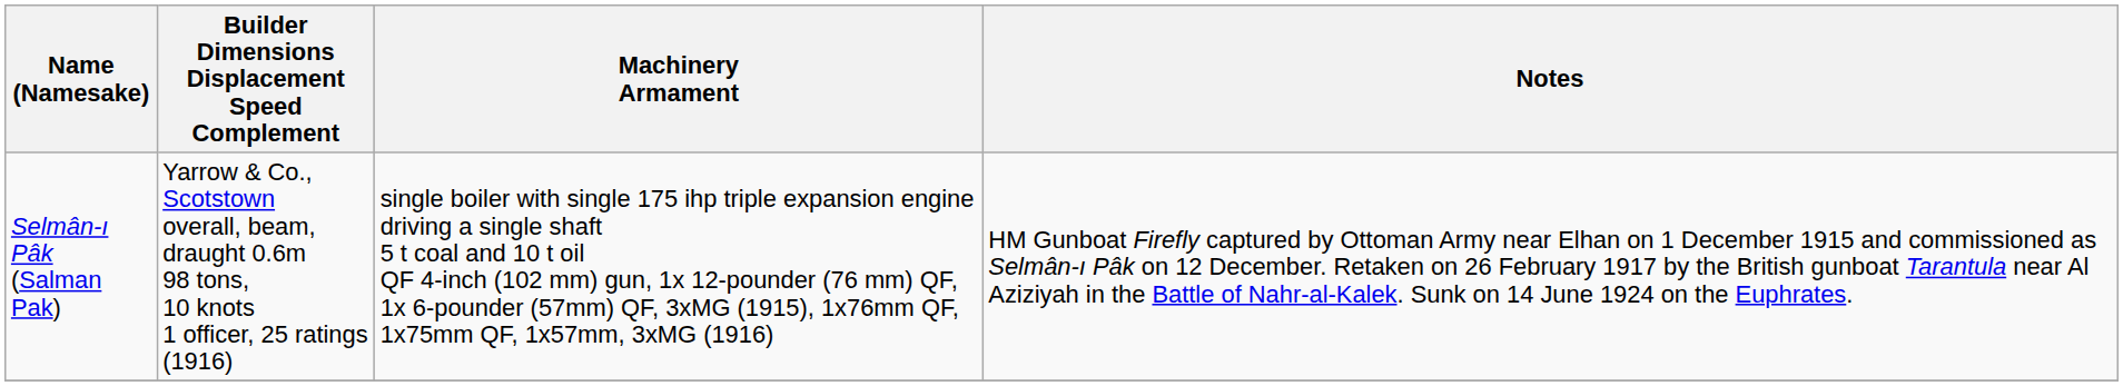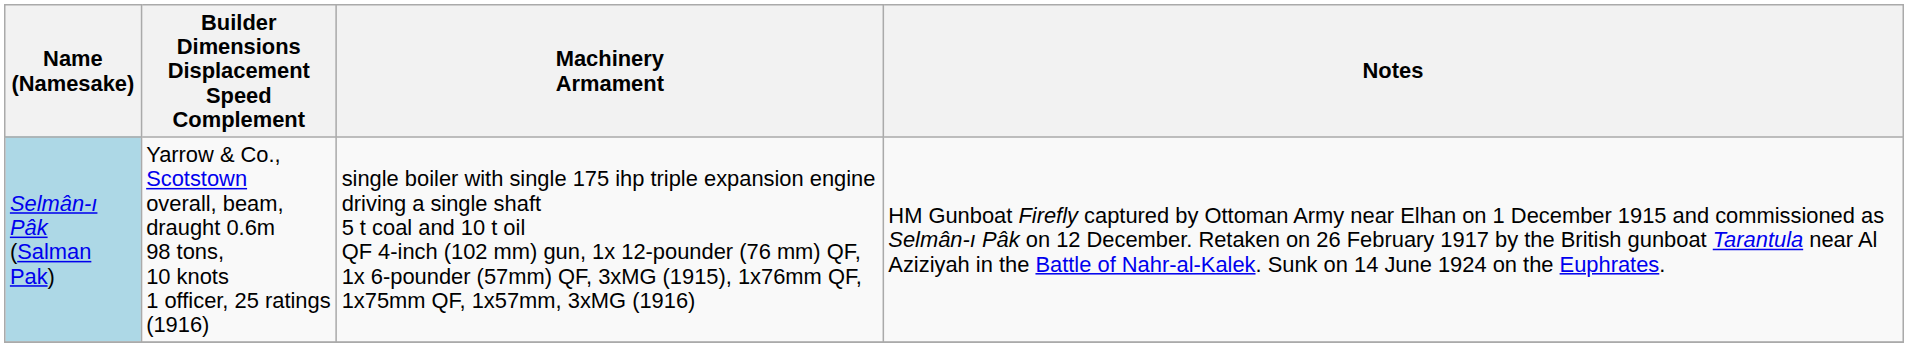 <table class="wikitable" style="font-size:90%;">
 <tr>
 <th>Name<br>(Namesake)</th>
 <th>Builder<br>Dimensions<br>Displacement<br>Speed<br>Complement</th>
 <th>Machinery<br>Armament</th>
 <th>Notes</th>
 </tr>
 <tr>
-<td><em><a href='#'>Selmân-ı Pâk</a></em><br>(<a href='#'>Salman Pak</a>)</td>
+<td style="background: lightblue;"><em><a href='#'>Selmân-ı Pâk</a></em><br>(<a href='#'>Salman Pak</a>)</td>
 <td>Yarrow & Co., <a href='#'>Scotstown</a><br> overall,   beam, draught 0.6m<br>98 tons, <br>10 knots<br>1 officer, 25 ratings (1916)</td>
 <td>single boiler with single 175 ihp triple expansion engine driving a single shaft<br> 5 t coal and 10 t oil<br>QF 4-inch (102 mm) gun, 1x 12-pounder (76 mm) QF, 1x 6-pounder (57mm) QF, 3xMG (1915), 1x76mm QF, 1x75mm QF, 1x57mm, 3xMG (1916)</td>
 <td>HM Gunboat <em>Firefly</em> captured by Ottoman Army near Elhan on 1 December 1915 and commissioned as <em>Selmân-ı Pâk</em> on 12 December. Retaken on 26 February 1917 by the British gunboat <a href='#'><em>Tarantula</em></a> near Al Aziziyah in the <a href='#'>Battle of Nahr-al-Kalek</a>. Sunk on 14 June 1924 on the <a href='#'>Euphrates</a>.</td>
 </tr>
 <tr ---->
 </tr>
 </table>
